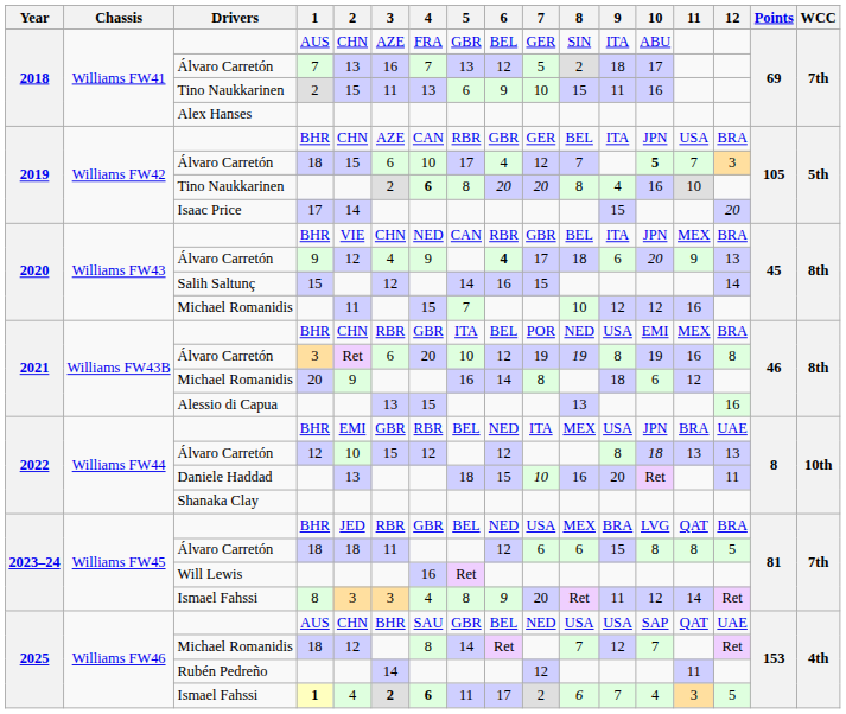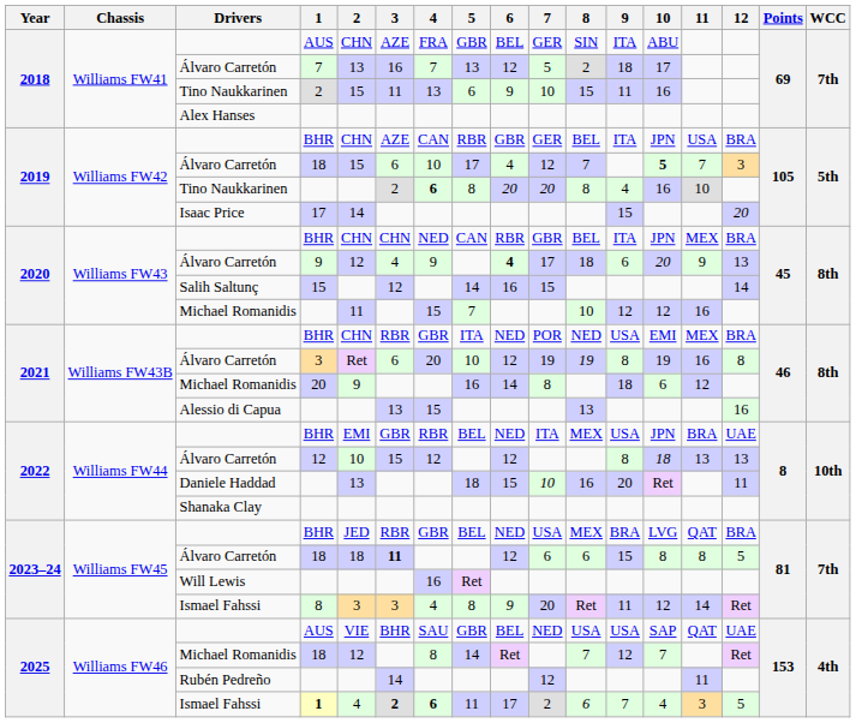 <table class="wikitable" style="text-align:center; font-size:85%">
 <tr>
 <th>Year</th>
 <th>Chassis</th>
 <th>Drivers</th>
 <th>1</th>
 <th>2</th>
 <th>3</th>
 <th>4</th>
 <th>5</th>
 <th>6</th>
 <th>7</th>
 <th>8</th>
 <th>9</th>
 <th>10</th>
 <th>11</th>
 <th>12</th>
 <th><a href='#'>Points</a></th>
 <th>WCC</th>
 </tr>
 <tr>
 <th rowspan="4"><a href='#'>2018</a></th>
 <td rowspan="4"><a href='#'>Williams FW41</a></td>
 <td></td>
 <td><a href='#'>AUS</a></td>
 <td><a href='#'>CHN</a></td>
 <td><a href='#'>AZE</a></td>
 <td><a href='#'>FRA</a></td>
 <td><a href='#'>GBR</a></td>
 <td><a href='#'>BEL</a></td>
 <td><a href='#'>GER</a></td>
 <td><a href='#'>SIN</a></td>
 <td><a href='#'>ITA</a></td>
 <td><a href='#'>ABU</a></td>
 <td></td>
 <td></td>
 <th rowspan="4" style="background:#;">69</th>
 <th rowspan="4" style="background:#;">7th</th>
 </tr>
 <tr>
 <td align="left"> Álvaro Carretón</td>
 <td style="background: #DFFFDF">7</td>
 <td style="background: #CFCFFF">13</td>
 <td style="background: #CFCFFF">16</td>
 <td style="background: #DFFFDF">7</td>
 <td style="background: #CFCFFF">13</td>
 <td style="background: #CFCFFF">12</td>
 <td style="background: #DFFFDF">5</td>
 <td style="background: #DFDFDF">2</td>
 <td style="background: #CFCFFF">18</td>
 <td style="background: #CFCFFF">17</td>
 <td></td>
 <td></td>
 </tr>
 <tr>
 <td align="left"> Tino Naukkarinen</td>
 <td style="background: #DFDFDF">2</td>
 <td style="background: #CFCFFF">15</td>
 <td style="background: #CFCFFF">11</td>
 <td style="background: #CFCFFF">13</td>
 <td style="background: #DFFFDF">6</td>
 <td style="background: #DFFFDF">9</td>
 <td style="background: #DFFFDF">10</td>
 <td style="background: #CFCFFF">15</td>
 <td style="background: #CFCFFF">11</td>
 <td style="background: #CFCFFF">16</td>
 <td></td>
 <td></td>
 </tr>
 <tr>
 <td align="left"> Alex Hanses</td>
 <td style="background:"></td>
 <td style="background:"></td>
 <td style="background:"></td>
 <td style="background:"></td>
 <td style="background:"></td>
 <td style="background:"></td>
 <td style="background:"></td>
 <td style="background:"></td>
 <td style="background:"></td>
 <td style="background:"></td>
 <td></td>
 <td></td>
 </tr>
 <tr>
 <th rowspan="4"><a href='#'>2019</a></th>
 <td rowspan="4"><a href='#'>Williams FW42</a></td>
 <td></td>
 <td><a href='#'>BHR</a></td>
 <td><a href='#'>CHN</a></td>
 <td><a href='#'>AZE</a></td>
 <td><a href='#'>CAN</a></td>
 <td><a href='#'>RBR</a></td>
 <td><a href='#'>GBR</a></td>
 <td><a href='#'>GER</a></td>
 <td><a href='#'>BEL</a></td>
 <td><a href='#'>ITA</a></td>
 <td><a href='#'>JPN</a></td>
 <td><a href='#'>USA</a></td>
 <td><a href='#'>BRA</a></td>
 <th rowspan="4" style="background:#;">105</th>
 <th rowspan="4" style="background:#;">5th</th>
 </tr>
 <tr>
 <td align="left"> Álvaro Carretón</td>
 <td style="background: #CFCFFF">18</td>
 <td style="background: #CFCFFF">15</td>
 <td style="background: #DFFFDF">6</td>
 <td style="background: #DFFFDF">10</td>
 <td style="background: #CFCFFF">17</td>
 <td style="background: #DFFFDF">4</td>
 <td style="background: #CFCFFF">12</td>
 <td style="background: #CFCFFF">7</td>
 <td style="background:"></td>
 <td style="background: #DFFFDF"><strong>5</strong></td>
 <td style="background: #DFFFDF">7</td>
 <td style="background: #FFDF9F">3</td>
 </tr>
 <tr>
 <td align="left"> Tino Naukkarinen</td>
 <td style="background:"></td>
 <td style="background:"></td>
 <td style="background: #DFDFDF">2</td>
 <td style="background: #DFFFDF"><strong>6</strong></td>
 <td style="background: #DFFFDF">8</td>
 <td style="background: #CFCFFF"><em>20</em></td>
 <td style="background: #CFCFFF"><em>20</em></td>
 <td style="background: #DFFFDF">8</td>
 <td style="background: #DFFFDF">4</td>
 <td style="background: #CFCFFF">16</td>
 <td style="background: #DFDFDF">10</td>
 <td style="background:"></td>
 </tr>
 <tr>
 <td align="left"> Isaac Price</td>
 <td style="background: #CFCFFF">17</td>
 <td style="background: #CFCFFF">14</td>
 <td></td>
 <td></td>
 <td></td>
 <td></td>
 <td></td>
 <td></td>
 <td style="background: #CFCFFF">15</td>
 <td></td>
 <td></td>
 <td style="background: #CFCFFF"><em>20</em></td>
 </tr>
 <tr>
 <th rowspan="4"><a href='#'>2020</a></th>
 <td rowspan="4"><a href='#'>Williams FW43</a></td>
 <td></td>
 <td><a href='#'>BHR</a></td>
-<td><a href='#'>VIE</a></td>
+<td><a href='#'>CHN</a></td>
 <td><a href='#'>CHN</a></td>
 <td><a href='#'>NED</a></td>
 <td><a href='#'>CAN</a></td>
 <td><a href='#'>RBR</a></td>
 <td><a href='#'>GBR</a></td>
 <td><a href='#'>BEL</a></td>
 <td><a href='#'>ITA</a></td>
 <td><a href='#'>JPN</a></td>
 <td><a href='#'>MEX</a></td>
 <td><a href='#'>BRA</a></td>
 <th rowspan="4">45</th>
 <th rowspan="4">8th</th>
 </tr>
 <tr>
 <td align="left"> Álvaro Carretón</td>
 <td style="background: #DFFFDF">9</td>
 <td style="background: #CFCFFF">12</td>
 <td style="background: #DFFFDF">4</td>
 <td style="background: #DFFFDF">9</td>
 <td style="background:"></td>
 <td style="background: #DFFFDF"><strong>4</strong></td>
 <td style="background: #CFCFFF">17</td>
 <td style="background: #CFCFFF">18</td>
 <td style="background: #DFFFDF">6</td>
 <td style="background: #CFCFFF"><em>20</em></td>
 <td style="background: #DFFFDF">9</td>
 <td style="background: #CFCFFF">13</td>
 </tr>
 <tr>
 <td align="left"> Salih Saltunç</td>
 <td style="background: #CFCFFF">15</td>
 <td style="background:"></td>
 <td style="background: #CFCFFF">12</td>
 <td style="background:"></td>
 <td style="background: #CFCFFF">14</td>
 <td style="background: #CFCFFF">16</td>
 <td style="background: #CFCFFF">15</td>
 <td style="background:"></td>
 <td style="background:"></td>
 <td style="background:"></td>
 <td style="background:"></td>
 <td style="background: #CFCFFF">14</td>
 </tr>
 <tr>
 <td align="left"> Michael Romanidis</td>
 <td></td>
 <td style="background: #CFCFFF">11</td>
 <td></td>
 <td style="background: #CFCFFF">15</td>
 <td style="background: #DFFFDF">7</td>
 <td style="background:"></td>
 <td></td>
 <td style="background: #DFFFDF">10</td>
 <td style="background: #CFCFFF">12</td>
 <td style="background: #CFCFFF">12</td>
 <td style="background: #CFCFFF">16</td>
 <td></td>
 </tr>
 <tr>
 <th rowspan="4"><a href='#'>2021</a></th>
 <td rowspan="4"><a href='#'>Williams FW43B</a></td>
 <td></td>
 <td><a href='#'>BHR</a></td>
 <td><a href='#'>CHN</a></td>
 <td><a href='#'>RBR</a></td>
 <td><a href='#'>GBR</a></td>
 <td><a href='#'>ITA</a></td>
-<td><a href='#'>BEL</a></td>
+<td><a href='#'>NED</a></td>
 <td><a href='#'>POR</a></td>
 <td><a href='#'>NED</a></td>
 <td><a href='#'>USA</a></td>
 <td><a href='#'>EMI</a></td>
 <td><a href='#'>MEX</a></td>
 <td><a href='#'>BRA</a></td>
 <th rowspan="4">46</th>
 <th rowspan="4">8th</th>
 </tr>
 <tr>
 <td align="left"> Álvaro Carretón</td>
 <td style="background: #FFDF9F">3</td>
 <td style="background: #EFCFFF">Ret</td>
 <td style="background: #DFFFDF">6</td>
 <td style="background: #CFCFFF">20</td>
 <td style="background: #DFFFDF">10</td>
 <td style="background: #CFCFFF">12</td>
 <td style="background: #CFCFFF">19</td>
 <td style="background: #CFCFFF"><em>19</em></td>
 <td style="background: #DFFFDF">8</td>
 <td style="background: #CFCFFF">19</td>
 <td style="background: #CFCFFF">16</td>
 <td style="background: #DFFFDF">8</td>
 </tr>
 <tr>
 <td align="left"> Michael Romanidis</td>
 <td style="background: #CFCFFF">20</td>
 <td style="background: #DFFFDF">9</td>
 <td style="background:"></td>
 <td style="background:"></td>
 <td style="background: #CFCFFF">16</td>
 <td style="background: #CFCFFF">14</td>
 <td style="background: #DFFFDF">8</td>
 <td style="background:"></td>
 <td style="background: #CFCFFF">18</td>
 <td style="background: #DFFFDF">6</td>
 <td style="background: #CFCFFF">12</td>
 <td style="background:"></td>
 </tr>
 <tr>
 <td align="left"> Alessio di Capua</td>
 <td style="background:"></td>
 <td style="background:"></td>
 <td style="background: #CFCFFF">13</td>
 <td style="background: #CFCFFF">15</td>
 <td style="background:"></td>
 <td style="background:"></td>
 <td style="background:"></td>
 <td style="background: #CFCFFF">13</td>
 <td style="background:"></td>
 <td style="background:"></td>
 <td style="background:"></td>
 <td style="background: #DFFFDF">16</td>
 </tr>
 <tr>
 <th rowspan="4"><a href='#'>2022</a></th>
 <td rowspan="4"><a href='#'>Williams FW44</a></td>
 <td></td>
 <td><a href='#'>BHR</a></td>
 <td><a href='#'>EMI</a></td>
 <td><a href='#'>GBR</a></td>
 <td><a href='#'>RBR</a></td>
 <td><a href='#'>BEL</a></td>
 <td><a href='#'>NED</a></td>
 <td><a href='#'>ITA</a></td>
 <td><a href='#'>MEX</a></td>
 <td><a href='#'>USA</a></td>
 <td><a href='#'>JPN</a></td>
 <td><a href='#'>BRA</a></td>
 <td><a href='#'>UAE</a></td>
 <th rowspan="4" style="background:">8</th>
 <th rowspan="4" style="background:">10th</th>
 </tr>
 <tr>
 <td align="left"> Álvaro Carretón</td>
 <td style="background: #CFCFFF">12</td>
 <td style="background: #DFFFDF">10</td>
 <td style="background: #CFCFFF">15</td>
 <td style="background: #CFCFFF">12</td>
 <td style="background:"></td>
 <td style="background: #CFCFFF">12</td>
 <td style="background:"></td>
 <td style="background:"></td>
 <td style="background: #DFFFDF">8</td>
 <td style="background: #CFCFFF"><em>18</em></td>
 <td style="background: #CFCFFF">13</td>
 <td style="background: #CFCFFF">13</td>
 </tr>
 <tr>
 <td align="left"> Daniele Haddad</td>
 <td style="background:"></td>
 <td style="background: #CFCFFF">13</td>
 <td style="background:"></td>
 <td style="background:"></td>
 <td style="background: #CFCFFF">18</td>
 <td style="background: #CFCFFF">15</td>
 <td style="background: #DFFFDF"><em>10</em></td>
 <td style="background: #CFCFFF">16</td>
 <td style="background: #CFCFFF">20</td>
 <td style="background: #EFCFFF">Ret</td>
 <td style="background:"></td>
 <td style="background: #CFCFFF">11</td>
 </tr>
 <tr>
 <td align="left"> Shanaka Clay</td>
 <td style="background:"></td>
 <td style="background:"></td>
 <td style="background:"></td>
 <td style="background:"></td>
 <td style="background:"></td>
 <td style="background:"></td>
 <td style="background:"></td>
 <td style="background:"></td>
 <td style="background:"></td>
 <td style="background:"></td>
 <td style="background:"></td>
 <td style="background:"></td>
 </tr>
 <tr>
 <th rowspan="4"><a href='#'>2023–24</a></th>
 <td rowspan="4"><a href='#'>Williams FW45</a></td>
 <td></td>
 <td><a href='#'>BHR</a></td>
 <td><a href='#'>JED</a></td>
 <td><a href='#'>RBR</a></td>
 <td><a href='#'>GBR</a></td>
 <td><a href='#'>BEL</a></td>
 <td><a href='#'>NED</a></td>
 <td><a href='#'>USA</a></td>
 <td><a href='#'>MEX</a></td>
 <td><a href='#'>BRA</a></td>
 <td><a href='#'>LVG</a></td>
 <td><a href='#'>QAT</a></td>
 <td><a href='#'>BRA</a></td>
 <th rowspan="4" style="background:">81</th>
 <th rowspan="4" style="background:">7th</th>
 </tr>
 <tr>
 <td align="left"> Álvaro Carretón</td>
 <td style="background: #CFCFFF">18</td>
 <td style="background: #CFCFFF">18</td>
-<td style="background: #CFCFFF">11</td>
+<td style="background: #CFCFFF"><strong>11</strong></td>
 <td style="background:"></td>
 <td style="background:"></td>
 <td style="background: #CFCFFF">12</td>
 <td style="background: #DFFFDF">6</td>
 <td style="background: #DFFFDF">6</td>
 <td style="background: #CFCFFF">15</td>
 <td style="background: #DFFFDF">8</td>
 <td style="background: #DFFFDF">8</td>
 <td style="background: #DFFFDF">5</td>
 </tr>
 <tr>
 <td align="left"> Will Lewis</td>
 <td style="background: #"></td>
 <td style="background: #"></td>
 <td style="background: #"></td>
 <td style="background: #CFCFFF">16</td>
 <td style="background: #EFCFFF">Ret</td>
 <td style="background: #"></td>
 <td style="background: #"></td>
 <td style="background: #"></td>
 <td style="background: #"></td>
 <td style="background: #"></td>
 <td style="background: #"></td>
 <td style="background: #"></td>
 </tr>
 <tr>
 <td align="left"> Ismael Fahssi</td>
 <td style="background: #DFFFDF">8</td>
 <td style="background: #FFDF9F">3</td>
 <td style="background: #FFDF9F">3</td>
 <td style="background: #DFFFDF">4</td>
 <td style="background: #DFFFDF">8</td>
 <td style="background: #DFFFDF"><em>9</em></td>
 <td style="background: #CFCFFF">20</td>
 <td style="background: #EFCFFF">Ret</td>
 <td style="background: #CFCFFF">11</td>
 <td style="background: #CFCFFF">12</td>
 <td style="background: #CFCFFF">14</td>
 <td style="background: #EFCFFF">Ret</td>
 </tr>
 <tr>
 <th rowspan="4"><a href='#'>2025</a></th>
 <td rowspan="4"><a href='#'>Williams FW46</a></td>
 <td></td>
 <td><a href='#'>AUS</a></td>
-<td><a href='#'>CHN</a></td>
+<td><a href='#'>VIE</a></td>
 <td><a href='#'>BHR</a></td>
 <td><a href='#'>SAU</a></td>
 <td><a href='#'>GBR</a></td>
 <td><a href='#'>BEL</a></td>
 <td><a href='#'>NED</a></td>
 <td><a href='#'>USA</a></td>
 <td><a href='#'>USA</a></td>
 <td><a href='#'>SAP</a></td>
 <td><a href='#'>QAT</a></td>
 <td><a href='#'>UAE</a></td>
 <th rowspan="4" style="background: #">153</th>
 <th rowspan="4" style="background: #">4th</th>
 </tr>
 <tr>
 <td align="left"> Michael Romanidis</td>
 <td style="background: #CFCFFF">18</td>
 <td style="background: #CFCFFF">12</td>
 <td style="background:"></td>
 <td style="background: #DFFFDF">8</td>
 <td style="background: #CFCFFF">14</td>
 <td style="background: #EFCFFF">Ret</td>
 <td style="background:"></td>
 <td style="background: #DFFFDF">7</td>
 <td style="background: #CFCFFF">12</td>
 <td style="background: #DFFFDF">7</td>
 <td style="background:"></td>
 <td style="background: #EFCFFF">Ret</td>
 </tr>
 <tr>
 <td align="left"> Rubén Pedreño</td>
 <td style="background: #"></td>
 <td style="background: #"></td>
 <td style="background: #CFCFFF">14</td>
 <td style="background:"></td>
 <td style="background:"></td>
 <td style="background:"></td>
 <td style="background: #CFCFFF">12</td>
 <td style="background:"></td>
 <td style="background:"></td>
 <td style="background:"></td>
 <td style="background: #CFCFFF">11</td>
 <td style="background:"></td>
 </tr>
 <tr>
 <td align="left"> Ismael Fahssi</td>
 <td style="background: #FFFFBF"><strong>1</strong></td>
 <td style="background: #DFFFDF">4</td>
 <td style="background: #DFDFDF"><strong>2</strong></td>
 <td style="background: #DFFFDF"><strong>6</strong></td>
 <td style="background: #CFCFFF">11</td>
 <td style="background: #CFCFFF">17</td>
 <td style="background: #DFDFDF">2</td>
 <td style="background: #DFFFDF"><em>6</em></td>
 <td style="background: #DFFFDF">7</td>
 <td style="background: #DFFFDF">4</td>
 <td style="background: #FFDF9F">3</td>
 <td style="background: #DFFFDF">5</td>
 </tr>
 </table>
